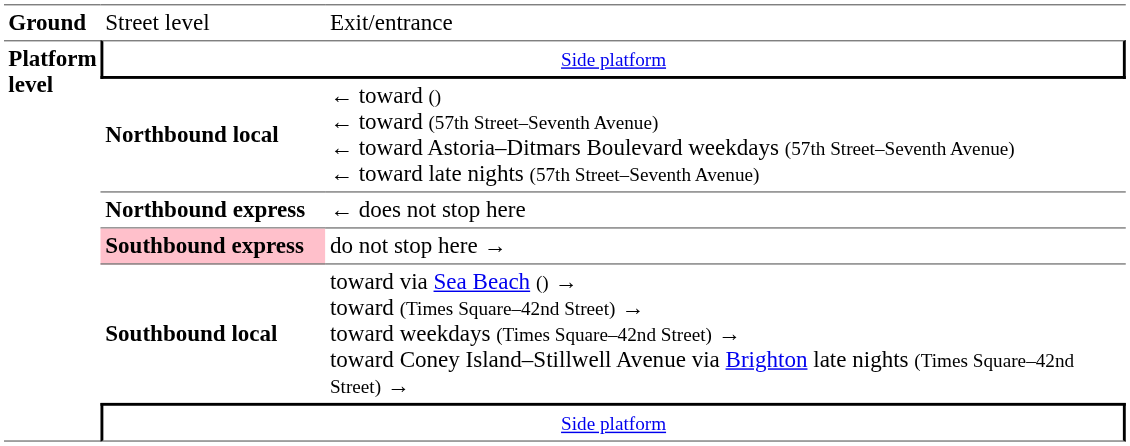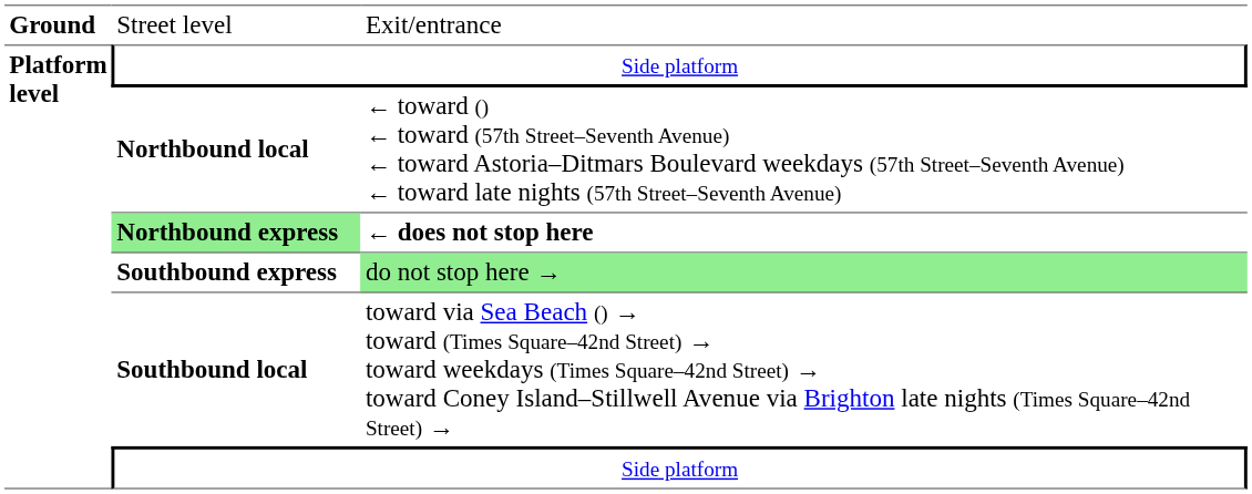 <table table border=0 cellspacing=0 cellpadding=3>
 <tr>
 <td style="border-top:solid 1px gray;" width=50><strong>Ground</strong></td>
 <td style="border-top:solid 1px gray;" width=150>Street level</td>
 <td style="border-top:solid 1px gray;" width=550>Exit/entrance<br></td>
 </tr>
 <tr>
 <td style="border-top:solid 1px gray;border-bottom:solid 1px gray;" rowspan=6 valign=top><strong>Platform level</strong></td>
 <td style="border-top:solid 1px gray;border-right:solid 2px black;border-left:solid 2px black;border-bottom:solid 2px black;text-align:center;" colspan=2><small><a href='#'>Side platform</a> </small></td>
 </tr>
 <tr>
 <td style="border-bottom:solid 1px gray;"><span><strong>Northbound local</strong></span></td>
 <td style="border-bottom:solid 1px gray;">←  toward  <small>()</small><br>←  toward  <small>(57th Street–Seventh Avenue)</small><br>←  toward Astoria–Ditmars Boulevard weekdays <small> (57th Street–Seventh Avenue)</small><br>←  toward  late nights <small>(57th Street–Seventh Avenue)</small></td>
 </tr>
 <tr>
-<td style="border-bottom:solid 1px gray;"><span><strong>Northbound express</strong></span></td>
-<td style="border-bottom:solid 1px gray;">←  does not stop here</td>
+<td style="background: lightgreen; border-bottom:solid 1px gray;"><span><strong>Northbound express</strong></span></td>
+<td style="border-bottom:solid 1px gray;"><strong>←  does not stop here</strong></td>
 </tr>
 <tr>
-<td style="background: pink; border-bottom:solid 1px gray;"><span><strong>Southbound express</strong></span></td>
-<td style="border-bottom:solid 1px gray;">  do not stop here →</td>
+<td style="border-bottom:solid 1px gray;"><span><strong>Southbound express</strong></span></td>
+<td style="background: lightgreen; border-bottom:solid 1px gray;">  do not stop here →</td>
 </tr>
 <tr>
 <td><span><strong>Southbound local</strong></span></td>
 <td>  toward  via <a href='#'>Sea Beach</a> <small>()</small> →<br>  toward  <small>(Times Square–42nd Street)</small> →<br>  toward  weekdays <small>(Times Square–42nd Street)</small> →<br>  toward Coney Island–Stillwell Avenue via <a href='#'>Brighton</a> late nights <small>(Times Square–42nd Street)</small> →</td>
 </tr>
 <tr>
 <td style="border-bottom:solid 1px gray;border-top:solid 2px black;border-right:solid 2px black;border-left:solid 2px black;text-align:center;" colspan=2><small><a href='#'>Side platform</a></small></td>
 </tr>
 </table>
